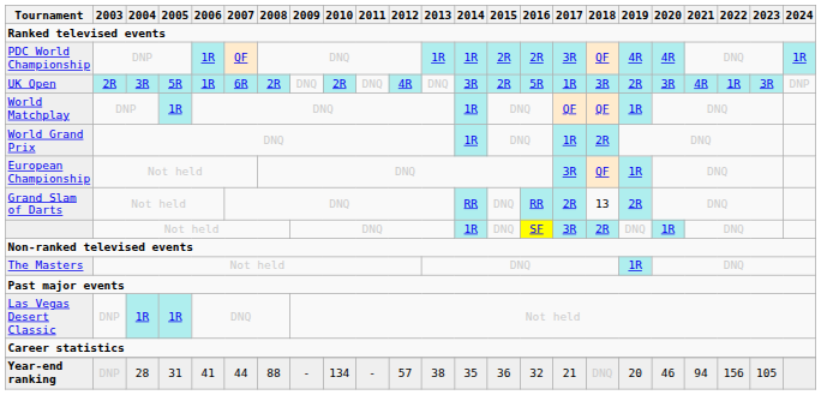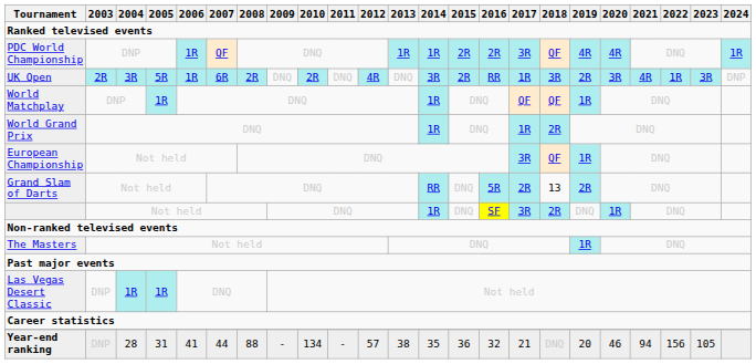 <table class="wikitable" style="width:50%; margin:0">
 <tr>
 <th>Tournament</th>
 <th>2003</th>
 <th>2004</th>
 <th>2005</th>
 <th>2006</th>
 <th>2007</th>
 <th>2008</th>
 <th>2009</th>
 <th>2010</th>
 <th>2011</th>
 <th>2012</th>
 <th>2013</th>
 <th>2014</th>
 <th>2015</th>
 <th>2016</th>
 <th>2017</th>
 <th>2018</th>
 <th>2019</th>
 <th>2020</th>
 <th>2021</th>
 <th>2022</th>
 <th>2023</th>
 <th>2024</th>
 </tr>
 <tr>
 <td colspan="25" align="left"><strong>Ranked televised events</strong></td>
 </tr>
 <tr>
 <td style="background:#efefef;"><a href='#'>PDC World Championship</a></td>
 <td colspan="3" style="text-align:center; color:#ccc;">DNP</td>
 <td style="text-align:center; background:#afeeee;"><a href='#'>1R</a></td>
 <td style="text-align:center; background:#ffebcd;"><a href='#'>QF</a></td>
 <td colspan="5" style="text-align:center; color:#ccc;">DNQ</td>
 <td style="text-align:center; background:#afeeee;"><a href='#'>1R</a></td>
 <td style="text-align:center; background:#afeeee;"><a href='#'>1R</a></td>
 <td style="text-align:center; background:#afeeee;"><a href='#'>2R</a></td>
 <td style="text-align:center; background:#afeeee;"><a href='#'>2R</a></td>
 <td style="text-align:center; background:#afeeee;"><a href='#'>3R</a></td>
 <td style="text-align:center; background:#ffebcd;"><a href='#'>QF</a></td>
 <td style="text-align:center; background:#afeeee;"><a href='#'>4R</a></td>
 <td style="text-align:center; background:#afeeee;"><a href='#'>4R</a></td>
 <td colspan="3" style="text-align:center; color:#ccc;">DNQ</td>
 <td style="text-align:center; background:#afeeee;"><a href='#'>1R</a></td>
 </tr>
 <tr>
 <td style="background:#efefef;"><a href='#'>UK Open</a></td>
 <td style="text-align:center; background:#afeeee;"><a href='#'>2R</a></td>
 <td style="text-align:center; background:#afeeee;"><a href='#'>3R</a></td>
 <td style="text-align:center; background:#afeeee;"><a href='#'>5R</a></td>
 <td style="text-align:center; background:#afeeee;"><a href='#'>1R</a></td>
 <td style="text-align:center; background:#afeeee;"><a href='#'>6R</a></td>
 <td style="text-align:center; background:#afeeee;"><a href='#'>2R</a></td>
 <td colspan="1" style="text-align:center; color:#ccc;">DNQ</td>
 <td style="text-align:center; background:#afeeee;"><a href='#'>2R</a></td>
 <td colspan="1" style="text-align:center; color:#ccc;">DNQ</td>
 <td style="text-align:center; background:#afeeee;"><a href='#'>4R</a></td>
 <td colspan="1" style="text-align:center; color:#ccc;">DNQ</td>
 <td style="text-align:center; background:#afeeee;"><a href='#'>3R</a></td>
 <td style="text-align:center; background:#afeeee;"><a href='#'>2R</a></td>
-<td style="text-align:center; background:#afeeee;"><a href='#'>5R</a></td>
+<td style="text-align:center; background:#afeeee;"><a href='#'>RR</a></td>
 <td style="text-align:center; background:#afeeee;"><a href='#'>1R</a></td>
 <td style="text-align:center; background:#afeeee;"><a href='#'>3R</a></td>
 <td style="text-align:center; background:#afeeee;"><a href='#'>2R</a></td>
 <td style="text-align:center; background:#afeeee;"><a href='#'>3R</a></td>
 <td style="text-align:center; background:#afeeee;"><a href='#'>4R</a></td>
 <td style="text-align:center; background:#afeeee;"><a href='#'>1R</a></td>
 <td style="text-align:center; background:#afeeee;"><a href='#'>3R</a></td>
 <td style="text-align:center; color:#ccc;">DNP</td>
 </tr>
 <tr>
 <td style="background:#efefef;"><a href='#'>World Matchplay</a></td>
 <td colspan="2" style="text-align:center; color:#ccc;">DNP</td>
 <td style="text-align:center; background:#afeeee;"><a href='#'>1R</a></td>
 <td colspan="8" style="text-align:center; color:#ccc;">DNQ</td>
 <td style="text-align:center; background:#afeeee;"><a href='#'>1R</a></td>
 <td colspan="2" style="text-align:center; color:#ccc;">DNQ</td>
 <td style="text-align:center; background:#ffebcd;"><a href='#'>QF</a></td>
 <td style="text-align:center; background:#ffebcd;"><a href='#'>QF</a></td>
 <td style="text-align:center; background:#afeeee;"><a href='#'>1R</a></td>
 <td colspan="4" style="text-align:center; color:#ccc;">DNQ</td>
 <td></td>
 </tr>
 <tr>
 <td style="background:#efefef;"><a href='#'>World Grand Prix</a></td>
 <td colspan="11" style="text-align:center; color:#ccc;">DNQ</td>
 <td style="text-align:center; background:#afeeee;"><a href='#'>1R</a></td>
 <td colspan="2" style="text-align:center; color:#ccc;">DNQ</td>
 <td style="text-align:center; background:#afeeee;"><a href='#'>1R</a></td>
 <td style="text-align:center; background:#afeeee;"><a href='#'>2R</a></td>
 <td colspan="5" style="text-align:center; color:#ccc;">DNQ</td>
 <td></td>
 </tr>
 <tr>
 <td style="background:#efefef;"><a href='#'>European Championship</a></td>
 <td colspan="5" style="text-align:center; color:#ccc;">Not held</td>
 <td colspan="9" style="text-align:center; color:#ccc;">DNQ</td>
 <td style="text-align:center; background:#afeeee;"><a href='#'>3R</a></td>
 <td style="text-align:center; background:#ffebcd;"><a href='#'>QF</a></td>
 <td style="text-align:center; background:#afeeee;"><a href='#'>1R</a></td>
 <td colspan="4" style="text-align:center; color:#ccc;">DNQ</td>
 <td></td>
 </tr>
 <tr>
 <td style="background:#efefef;"><a href='#'>Grand Slam of Darts</a></td>
 <td colspan="4" style="text-align:center; color:#ccc;">Not held</td>
 <td colspan="7" style="text-align:center; color:#ccc;">DNQ</td>
 <td style="text-align:center; background:#afeeee;"><a href='#'>RR</a></td>
 <td style="text-align:center; color:#ccc;">DNQ</td>
-<td style="text-align:center; background:#afeeee;"><a href='#'>RR</a></td>
+<td style="text-align:center; background:#afeeee;"><a href='#'>5R</a></td>
 <td style="text-align:center; background:#afeeee;"><a href='#'>2R</a></td>
 <td style="text-align:center;">13</td>
 <td style="text-align:center; background:#afeeee;"><a href='#'>2R</a></td>
 <td colspan="4" style="text-align:center; color:#ccc;">DNQ</td>
 <td></td>
 </tr>
 <tr>
 <td style="background:#efefef;"></td>
 <td colspan="6" style="text-align:center; color:#ccc;">Not held</td>
 <td colspan="5" style="text-align:center; color:#ccc;">DNQ</td>
 <td style="text-align:center; background:#afeeee;"><a href='#'>1R</a></td>
 <td style="text-align:center; color:#ccc;">DNQ</td>
 <td style="text-align:center; background:yellow;"><a href='#'>SF</a></td>
 <td style="text-align:center; background:#afeeee;"><a href='#'>3R</a></td>
 <td style="text-align:center; background:#afeeee;"><a href='#'>2R</a></td>
 <td colspan="1" style="text-align:center; color:#ccc;">DNQ</td>
 <td style="text-align:center; background:#afeeee;"><a href='#'>1R</a></td>
 <td colspan="3" style="text-align:center; color:#ccc;">DNQ</td>
 <td></td>
 </tr>
 <tr>
 <td colspan="25" align="left"><strong>Non-ranked televised events</strong></td>
 </tr>
 <tr>
 <td style="background:#efefef;"><a href='#'>The Masters</a></td>
 <td colspan="10" style="text-align:center; color:#ccc;">Not held</td>
 <td colspan="6" style="text-align:center; color:#ccc;">DNQ</td>
 <td style="text-align:center; background:#afeeee;"><a href='#'>1R</a></td>
 <td colspan="5" style="text-align:center; color:#ccc;">DNQ</td>
 </tr>
 <tr>
 <td colspan="25" align="left"><strong>Past major events</strong></td>
 </tr>
 <tr>
 <td style="background:#efefef;"><a href='#'>Las Vegas Desert Classic</a></td>
 <td style="text-align:center; color:#ccc;">DNP</td>
 <td style="text-align:center; background:#afeeee;"><a href='#'>1R</a></td>
 <td style="text-align:center; background:#afeeee;"><a href='#'>1R</a></td>
 <td colspan="3" style="text-align:center; color:#ccc;">DNQ</td>
 <td colspan="16" style="text-align:center; color:#ccc;">Not held</td>
 </tr>
 <tr>
 <td colspan="23" align="left"><strong>Career statistics</strong></td>
 </tr>
 <tr>
 </tr>
 <tr bgcolor="efefef">
 <td align="left"><strong>Year-end ranking</strong></td>
 <td style="text-align:center; color:#ccc;">DNP</td>
 <td style="text-align:center;">28</td>
 <td style="text-align:center;">31</td>
 <td style="text-align:center;">41</td>
 <td style="text-align:center;">44</td>
 <td style="text-align:center;">88</td>
 <td style="text-align:center;">-</td>
 <td style="text-align:center;">134</td>
 <td style="text-align:center;">-</td>
 <td style="text-align:center;">57</td>
 <td style="text-align:center;">38</td>
 <td style="text-align:center;">35</td>
 <td style="text-align:center;">36</td>
 <td style="text-align:center;">32</td>
 <td style="text-align:center;">21</td>
 <td style="text-align:center; color:#ccc;">DNQ</td>
 <td style="text-align:center;">20</td>
 <td style="text-align:center;">46</td>
 <td style="text-align:center;">94</td>
 <td style="text-align:center;">156</td>
 <td style="text-align:center;">105</td>
 <td style="text-align:center;"></td>
 </tr>
 </table>
